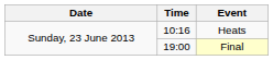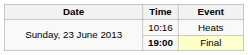 <table class = "wikitable" style="text-align:center;">
 <tr>
 <th width=220>Date</th>
 <th width=50>Time</th>
 <th width=100>Event</th>
 </tr>
 <tr>
 <td rowspan=2>Sunday, 23 June 2013</td>
 <td>10:16</td>
 <td>Heats</td>
 </tr>
 <tr>
-<td>19:00</td>
+<td><strong>19:00</strong></td>
 <td bgcolor=ffffcc>Final</td>
 </tr>
 </table>
